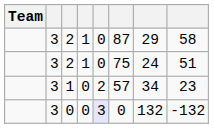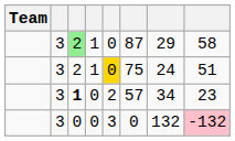 <table class="wikitable" style="text-align: center;">
 <tr>
 <th>Team</th>
 <th></th>
 <th></th>
 <th></th>
 <th></th>
 <th></th>
 <th></th>
 <th></th>
 </tr>
 <tr>
 <td align="left"></td>
 <td>3</td>
-<td>2</td>
+<td style="background: lightgreen;">2</td>
 <td>1</td>
 <td>0</td>
 <td>87</td>
 <td>29</td>
 <td>58</td>
 </tr>
 <tr>
 <td align="left"></td>
 <td>3</td>
 <td>2</td>
 <td>1</td>
-<td>0</td>
+<td style="background: gold;">0</td>
 <td>75</td>
 <td>24</td>
 <td>51</td>
 </tr>
 <tr>
 <td align="left"></td>
 <td>3</td>
-<td>1</td>
+<td><strong>1</strong></td>
 <td>0</td>
 <td>2</td>
 <td>57</td>
 <td>34</td>
 <td>23</td>
 </tr>
 <tr>
 <td align="left"></td>
 <td>3</td>
 <td>0</td>
 <td>0</td>
-<td style="background: lavender;">3</td>
+<td>3</td>
 <td>0</td>
 <td>132</td>
-<td>-132</td>
+<td style="background: pink;">-132</td>
 </tr>
 </table>
